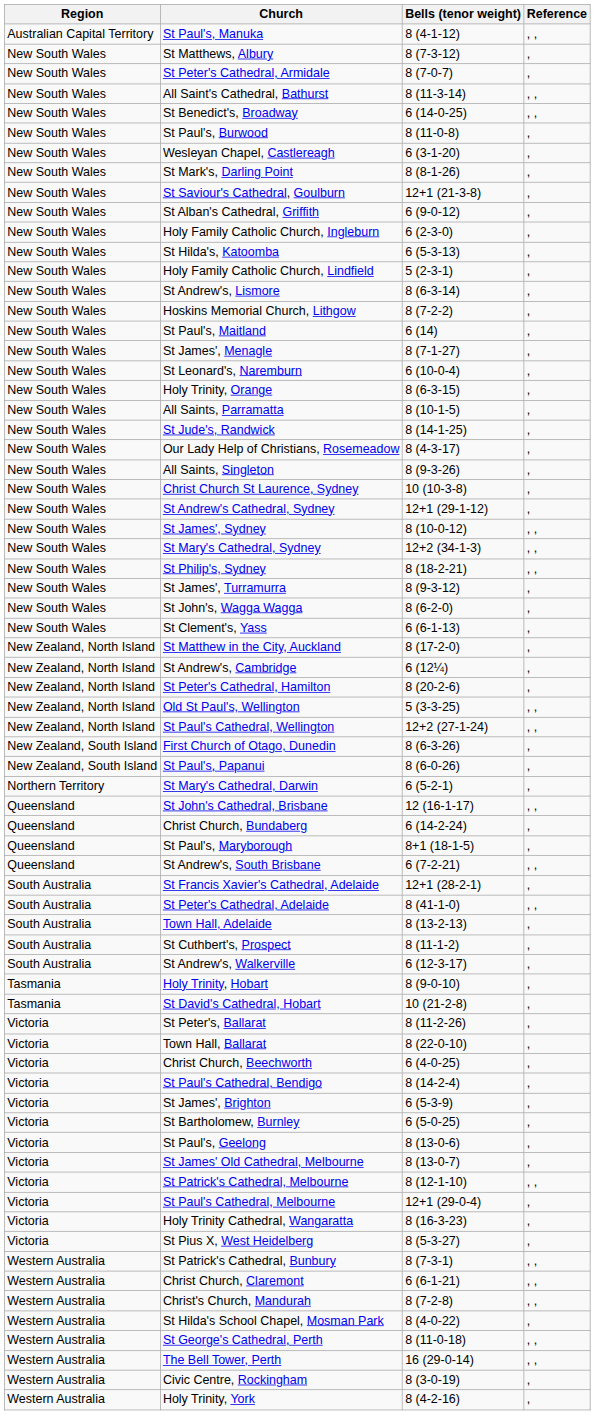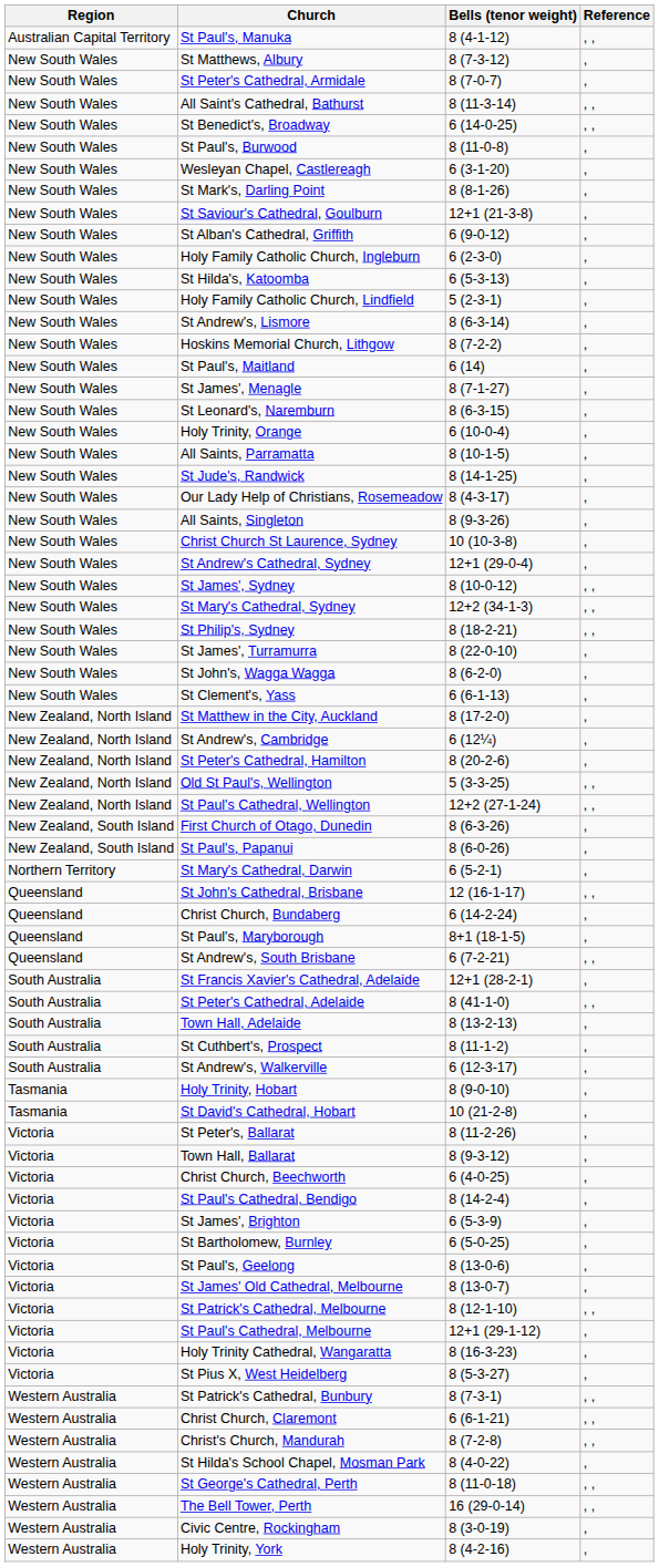 <table class="wikitable sortable">
 <tr>
 <th>Region</th>
 <th>Church</th>
 <th data-sort-type="number">Bells (tenor weight)</th>
 <th>Reference</th>
 </tr>
 <tr>
 <td>Australian Capital Territory</td>
 <td><a href='#'>St Paul's, Manuka</a></td>
 <td>8 (4-1-12)</td>
 <td>, ,  </td>
 </tr>
 <tr>
 <td>New South Wales</td>
 <td>St Matthews, <a href='#'>Albury</a></td>
 <td>8 (7-3-12)</td>
 <td>, </td>
 </tr>
 <tr>
 <td>New South Wales</td>
 <td><a href='#'>St Peter's Cathedral, Armidale</a></td>
 <td>8 (7-0-7)</td>
 <td>, </td>
 </tr>
 <tr>
 <td>New South Wales</td>
 <td>All Saint's Cathedral, <a href='#'>Bathurst</a></td>
 <td>8 (11-3-14)</td>
 <td>, , </td>
 </tr>
 <tr>
 <td>New South Wales</td>
 <td>St Benedict's, <a href='#'>Broadway</a></td>
 <td>6 (14-0-25)</td>
 <td>, , </td>
 </tr>
 <tr>
 <td>New South Wales</td>
 <td>St Paul's, <a href='#'>Burwood</a></td>
 <td>8 (11-0-8)</td>
 <td>, </td>
 </tr>
 <tr>
 <td>New South Wales</td>
 <td>Wesleyan Chapel, <a href='#'>Castlereagh</a></td>
 <td>6 (3-1-20)</td>
 <td>, </td>
 </tr>
 <tr>
 <td>New South Wales</td>
 <td>St Mark's, <a href='#'>Darling Point</a></td>
 <td>8 (8-1-26)</td>
 <td>, </td>
 </tr>
 <tr>
 <td>New South Wales</td>
 <td><a href='#'>St Saviour's Cathedral</a>, <a href='#'>Goulburn</a></td>
 <td>12+1 (21-3-8)</td>
 <td>, </td>
 </tr>
 <tr>
 <td>New South Wales</td>
 <td>St Alban's Cathedral, <a href='#'>Griffith</a></td>
 <td>6 (9-0-12)</td>
 <td>, </td>
 </tr>
 <tr>
 <td>New South Wales</td>
 <td>Holy Family Catholic Church, <a href='#'>Ingleburn</a></td>
 <td>6 (2-3-0)</td>
 <td>, </td>
 </tr>
 <tr>
 <td>New South Wales</td>
 <td>St Hilda's, <a href='#'>Katoomba</a></td>
 <td>6 (5-3-13)</td>
 <td>, </td>
 </tr>
 <tr>
 <td>New South Wales</td>
 <td>Holy Family Catholic Church, <a href='#'>Lindfield</a></td>
 <td>5 (2-3-1)</td>
 <td>, </td>
 </tr>
 <tr>
 <td>New South Wales</td>
 <td>St Andrew's, <a href='#'>Lismore</a></td>
 <td>8 (6-3-14)</td>
 <td>, </td>
 </tr>
 <tr>
 <td>New South Wales</td>
 <td>Hoskins Memorial Church, <a href='#'>Lithgow</a></td>
 <td>8 (7-2-2)</td>
 <td>, </td>
 </tr>
 <tr>
 <td>New South Wales</td>
 <td>St Paul's, <a href='#'>Maitland</a></td>
 <td>6 (14)</td>
 <td>, </td>
 </tr>
 <tr>
 <td>New South Wales</td>
 <td>St James', <a href='#'>Menagle</a></td>
 <td>8 (7-1-27)</td>
 <td>, </td>
 </tr>
 <tr>
 <td>New South Wales</td>
 <td>St Leonard's, <a href='#'>Naremburn</a></td>
-<td>6 (10-0-4)</td>
+<td>8 (6-3-15)</td>
 <td>, </td>
 </tr>
 <tr>
 <td>New South Wales</td>
 <td>Holy Trinity, <a href='#'>Orange</a></td>
-<td>8 (6-3-15)</td>
+<td>6 (10-0-4)</td>
 <td>, </td>
 </tr>
 <tr>
 <td>New South Wales</td>
 <td>All Saints, <a href='#'>Parramatta</a></td>
 <td>8 (10-1-5)</td>
 <td>, </td>
 </tr>
 <tr>
 <td>New South Wales</td>
 <td><a href='#'>St Jude's, Randwick</a></td>
 <td>8 (14-1-25)</td>
 <td>, </td>
 </tr>
 <tr>
 <td>New South Wales</td>
 <td>Our Lady Help of Christians, <a href='#'>Rosemeadow</a></td>
 <td>8 (4-3-17)</td>
 <td>, </td>
 </tr>
 <tr>
 <td>New South Wales</td>
 <td>All Saints, <a href='#'>Singleton</a></td>
 <td>8 (9-3-26)</td>
 <td>, </td>
 </tr>
 <tr>
 <td>New South Wales</td>
 <td><a href='#'>Christ Church St Laurence, Sydney</a></td>
 <td>10 (10-3-8)</td>
 <td>, </td>
 </tr>
 <tr>
 <td>New South Wales</td>
 <td><a href='#'>St Andrew's Cathedral, Sydney</a></td>
-<td>12+1 (29-1-12)</td>
+<td>12+1 (29-0-4)</td>
 <td>, </td>
 </tr>
 <tr>
 <td>New South Wales</td>
 <td><a href='#'>St James', Sydney</a></td>
 <td>8 (10-0-12)</td>
 <td>, , </td>
 </tr>
 <tr>
 <td>New South Wales</td>
 <td><a href='#'>St Mary's Cathedral, Sydney</a></td>
 <td>12+2 (34-1-3)</td>
 <td>, , </td>
 </tr>
 <tr>
 <td>New South Wales</td>
 <td><a href='#'>St Philip's, Sydney</a></td>
 <td>8 (18-2-21)</td>
 <td>, , </td>
 </tr>
 <tr>
 <td>New South Wales</td>
 <td>St James', <a href='#'>Turramurra</a></td>
-<td>8 (9-3-12)</td>
+<td>8 (22-0-10)</td>
 <td>, </td>
 </tr>
 <tr>
 <td>New South Wales</td>
 <td>St John's, <a href='#'>Wagga Wagga</a></td>
 <td>8 (6-2-0)</td>
 <td>, </td>
 </tr>
 <tr>
 <td>New South Wales</td>
 <td>St Clement's, <a href='#'>Yass</a></td>
 <td>6 (6-1-13)</td>
 <td>, </td>
 </tr>
 <tr>
 <td>New Zealand, North Island</td>
 <td><a href='#'>St Matthew in the City, Auckland</a></td>
 <td>8 (17-2-0)</td>
 <td>, </td>
 </tr>
 <tr>
 <td>New Zealand, North Island</td>
 <td>St Andrew's, <a href='#'>Cambridge</a></td>
 <td>6 (12¼)</td>
 <td>, </td>
 </tr>
 <tr>
 <td>New Zealand, North Island</td>
 <td><a href='#'>St Peter's Cathedral, Hamilton</a></td>
 <td>8 (20-2-6)</td>
 <td>, </td>
 </tr>
 <tr>
 <td>New Zealand, North Island</td>
 <td><a href='#'>Old St Paul's, Wellington</a></td>
 <td>5 (3-3-25)</td>
 <td>, , </td>
 </tr>
 <tr>
 <td>New Zealand, North Island</td>
 <td><a href='#'>St Paul's Cathedral, Wellington</a></td>
 <td>12+2 (27-1-24)</td>
 <td>, , </td>
 </tr>
 <tr>
 <td>New Zealand, South Island</td>
 <td><a href='#'>First Church of Otago, Dunedin</a></td>
 <td>8 (6-3-26)</td>
 <td>, </td>
 </tr>
 <tr>
 <td>New Zealand, South Island</td>
 <td><a href='#'>St Paul's, Papanui</a></td>
 <td>8 (6-0-26)</td>
 <td>, </td>
 </tr>
 <tr>
 <td>Northern Territory</td>
 <td><a href='#'>St Mary's Cathedral, Darwin</a></td>
 <td>6 (5-2-1)</td>
 <td>, </td>
 </tr>
 <tr>
 <td>Queensland</td>
 <td><a href='#'>St John's Cathedral, Brisbane</a></td>
 <td>12 (16-1-17)</td>
 <td>, , </td>
 </tr>
 <tr>
 <td>Queensland</td>
 <td>Christ Church, <a href='#'>Bundaberg</a></td>
 <td>6 (14-2-24)</td>
 <td>, </td>
 </tr>
 <tr>
 <td>Queensland</td>
 <td>St Paul's, <a href='#'>Maryborough</a></td>
 <td>8+1 (18-1-5)</td>
 <td>, </td>
 </tr>
 <tr>
 <td>Queensland</td>
 <td>St Andrew's, <a href='#'>South Brisbane</a></td>
 <td>6 (7-2-21)</td>
 <td>, , </td>
 </tr>
 <tr>
 <td>South Australia</td>
 <td><a href='#'>St Francis Xavier's Cathedral, Adelaide</a></td>
 <td>12+1 (28-2-1)</td>
 <td>, </td>
 </tr>
 <tr>
 <td>South Australia</td>
 <td><a href='#'>St Peter's Cathedral, Adelaide</a></td>
 <td>8 (41-1-0)</td>
 <td>, , </td>
 </tr>
 <tr>
 <td>South Australia</td>
 <td><a href='#'>Town Hall, Adelaide</a></td>
 <td>8 (13-2-13)</td>
 <td>, </td>
 </tr>
 <tr>
 <td>South Australia</td>
 <td>St Cuthbert's, <a href='#'>Prospect</a></td>
 <td>8 (11-1-2)</td>
 <td>, </td>
 </tr>
 <tr>
 <td>South Australia</td>
 <td>St Andrew's, <a href='#'>Walkerville</a></td>
 <td>6 (12-3-17)</td>
 <td>, </td>
 </tr>
 <tr>
 <td>Tasmania</td>
 <td><a href='#'>Holy Trinity</a>, <a href='#'>Hobart</a></td>
 <td>8 (9-0-10)</td>
 <td>, </td>
 </tr>
 <tr>
 <td>Tasmania</td>
 <td><a href='#'>St David's Cathedral, Hobart</a></td>
 <td>10 (21-2-8)</td>
 <td>, </td>
 </tr>
 <tr>
 <td>Victoria</td>
 <td>St Peter's, <a href='#'>Ballarat</a></td>
 <td>8 (11-2-26)</td>
 <td>, </td>
 </tr>
 <tr>
 <td>Victoria</td>
 <td>Town Hall, <a href='#'>Ballarat</a></td>
-<td>8 (22-0-10)</td>
+<td>8 (9-3-12)</td>
 <td>, </td>
 </tr>
 <tr>
 <td>Victoria</td>
 <td>Christ Church, <a href='#'>Beechworth</a></td>
 <td>6 (4-0-25)</td>
 <td>, </td>
 </tr>
 <tr>
 <td>Victoria</td>
 <td><a href='#'>St Paul's Cathedral, Bendigo</a></td>
 <td>8 (14-2-4)</td>
 <td>, </td>
 </tr>
 <tr>
 <td>Victoria</td>
 <td>St James', <a href='#'>Brighton</a></td>
 <td>6 (5-3-9)</td>
 <td>, </td>
 </tr>
 <tr>
 <td>Victoria</td>
 <td>St Bartholomew, <a href='#'>Burnley</a></td>
 <td>6 (5-0-25)</td>
 <td>, </td>
 </tr>
 <tr>
 <td>Victoria</td>
 <td>St Paul's, <a href='#'>Geelong</a></td>
 <td>8 (13-0-6)</td>
 <td>, </td>
 </tr>
 <tr>
 <td>Victoria</td>
 <td><a href='#'>St James' Old Cathedral, Melbourne</a></td>
 <td>8 (13-0-7)</td>
 <td>, </td>
 </tr>
 <tr>
 <td>Victoria</td>
 <td><a href='#'>St Patrick's Cathedral, Melbourne</a></td>
 <td>8 (12-1-10)</td>
 <td>, , </td>
 </tr>
 <tr>
 <td>Victoria</td>
 <td><a href='#'>St Paul's Cathedral, Melbourne</a></td>
-<td>12+1 (29-0-4)</td>
+<td>12+1 (29-1-12)</td>
 <td>, </td>
 </tr>
 <tr>
 <td>Victoria</td>
 <td>Holy Trinity Cathedral, <a href='#'>Wangaratta</a></td>
 <td>8 (16-3-23)</td>
 <td>, </td>
 </tr>
 <tr>
 <td>Victoria</td>
 <td>St Pius X, <a href='#'>West Heidelberg</a></td>
 <td>8 (5-3-27)</td>
 <td>, </td>
 </tr>
 <tr>
 <td>Western Australia</td>
 <td>St Patrick's Cathedral, <a href='#'>Bunbury</a></td>
 <td>8 (7-3-1)</td>
 <td>, , </td>
 </tr>
 <tr>
 <td>Western Australia</td>
 <td>Christ Church, <a href='#'>Claremont</a></td>
 <td>6 (6-1-21)</td>
 <td>, , </td>
 </tr>
 <tr>
 <td>Western Australia</td>
 <td>Christ's Church, <a href='#'>Mandurah</a></td>
 <td>8 (7-2-8)</td>
 <td>, , </td>
 </tr>
 <tr>
 <td>Western Australia</td>
 <td>St Hilda's School Chapel, <a href='#'>Mosman Park</a></td>
 <td>8 (4-0-22)</td>
 <td>, </td>
 </tr>
 <tr>
 <td>Western Australia</td>
 <td><a href='#'>St George's Cathedral, Perth</a></td>
 <td>8 (11-0-18)</td>
 <td>, , </td>
 </tr>
 <tr>
 <td>Western Australia</td>
 <td><a href='#'>The Bell Tower, Perth</a></td>
 <td>16 (29-0-14)</td>
 <td>, , </td>
 </tr>
 <tr>
 <td>Western Australia</td>
 <td>Civic Centre, <a href='#'>Rockingham</a></td>
 <td>8 (3-0-19)</td>
 <td>, </td>
 </tr>
 <tr>
 <td>Western Australia</td>
 <td>Holy Trinity, <a href='#'>York</a></td>
 <td>8 (4-2-16)</td>
 <td>, </td>
 </tr>
 </table>
